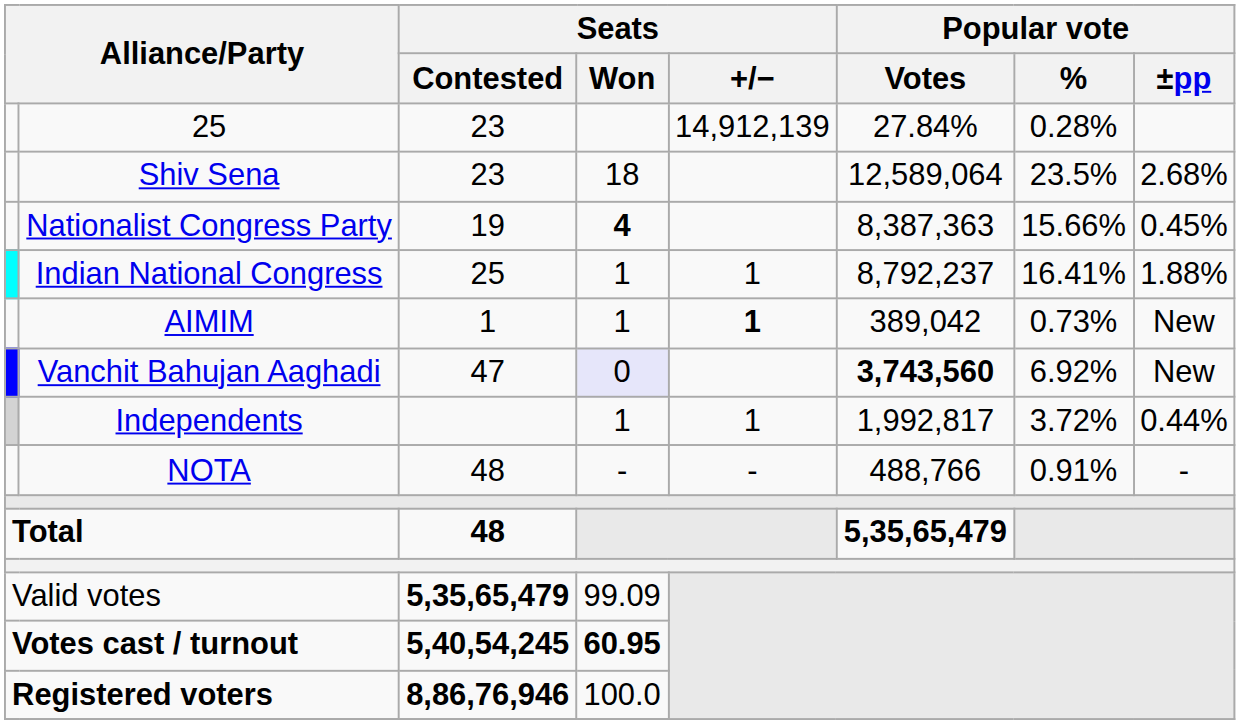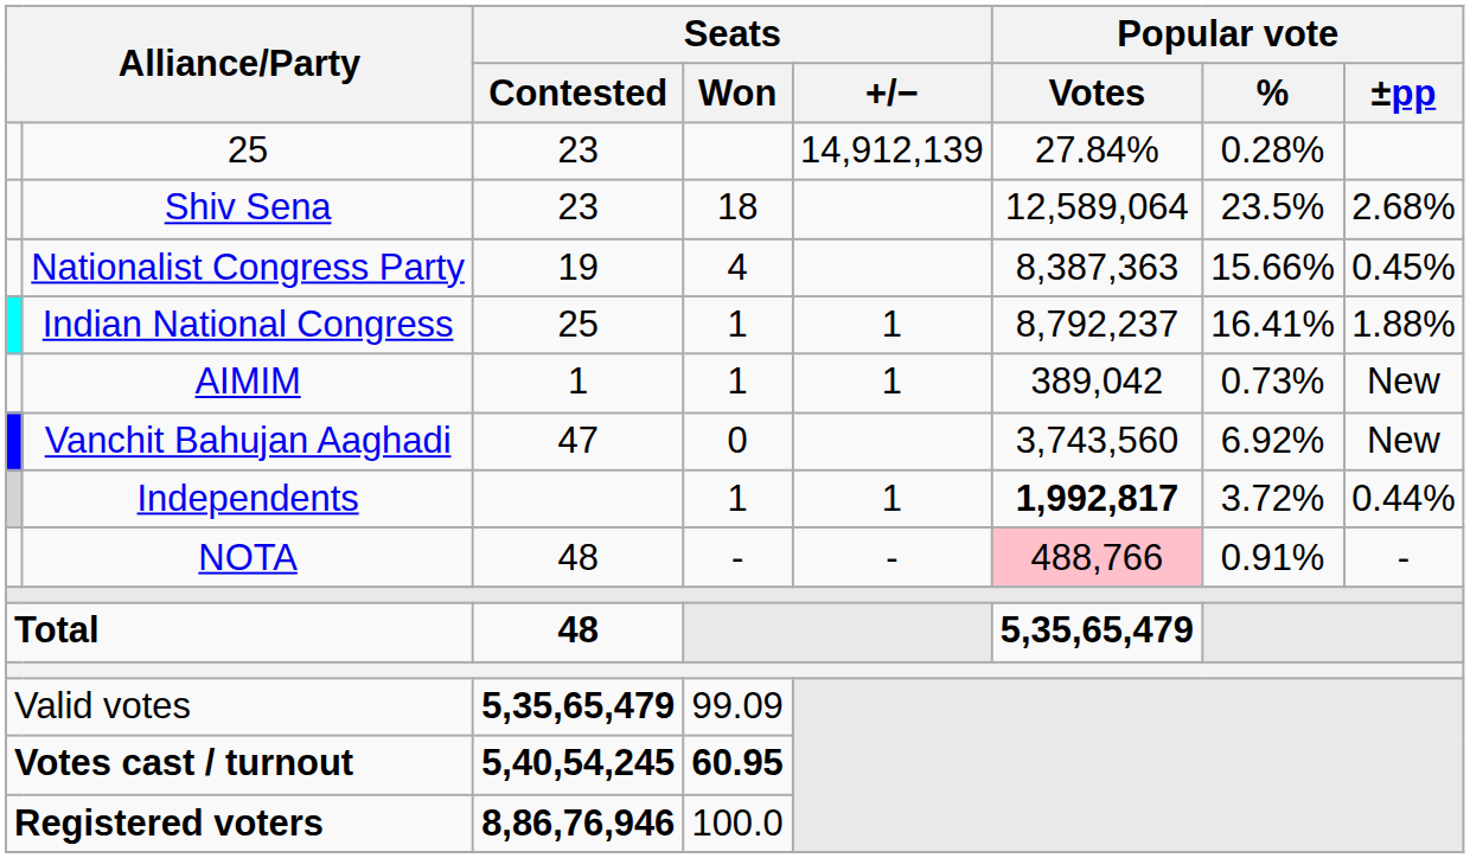 <table class="wikitable sortable" style="text-align:center;">
 <tr>
 <th colspan="2" rowspan="2">Alliance/Party</th>
 <th colspan="3">Seats</th>
 <th colspan="3">Popular vote</th>
 </tr>
 <tr>
 <th>Contested</th>
 <th>Won</th>
 <th><strong>+/−</strong></th>
 <th>Votes</th>
 <th>%</th>
 <th>±<a href='#'>pp</a></th>
 </tr>
 <tr>
 <td></td>
 <td>25</td>
 <td>23</td>
 <td></td>
 <td>14,912,139</td>
 <td>27.84%</td>
 <td>0.28%</td>
 </tr>
 <tr>
 <td style="background:"></td>
 <td><a href='#'>Shiv Sena</a></td>
 <td>23</td>
 <td>18</td>
 <td></td>
 <td>12,589,064</td>
 <td>23.5%</td>
 <td>2.68%</td>
 </tr>
 <tr>
 <td style="background:"></td>
 <td><a href='#'>Nationalist Congress Party</a></td>
 <td>19</td>
-<td><strong>4</strong></td>
+<td>4</td>
 <td></td>
 <td>8,387,363</td>
 <td>15.66%</td>
 <td>0.45%</td>
 </tr>
 <tr>
 <td bgcolor=cyan></td>
 <td><a href='#'>Indian National Congress</a></td>
 <td>25</td>
 <td>1</td>
 <td>1</td>
 <td>8,792,237</td>
 <td>16.41%</td>
 <td>1.88%</td>
 </tr>
 <tr>
 <td style="background:"></td>
 <td><a href='#'>AIMIM</a></td>
 <td>1</td>
 <td>1</td>
-<td><strong>1</strong></td>
+<td>1</td>
 <td>389,042</td>
 <td>0.73%</td>
 <td>New</td>
 </tr>
 <tr>
 <td Bgcolor=blue></td>
 <td><a href='#'>Vanchit Bahujan Aaghadi</a></td>
 <td>47</td>
-<td style="background: lavender;">0</td>
+<td>0</td>
 <td></td>
-<td><strong>3,743,560</strong></td>
+<td>3,743,560</td>
 <td>6.92%</td>
 <td>New</td>
 </tr>
 <tr>
 <td Bgcolor=lightgrey></td>
 <td><a href='#'>Independents</a></td>
 <td></td>
 <td>1</td>
 <td>1</td>
-<td>1,992,817</td>
+<td><strong>1,992,817</strong></td>
 <td>3.72%</td>
 <td>0.44%</td>
 </tr>
 <tr>
 <td></td>
 <td><a href='#'>NOTA</a></td>
 <td>48</td>
 <td>-</td>
 <td>-</td>
-<td>488,766</td>
+<td style="background: pink;">488,766</td>
 <td>0.91%</td>
 <td>-</td>
 </tr>
 <tr>
 <td colspan="8" bgcolor="#E9E9E9"></td>
 </tr>
 <tr style="font-weight:bold;">
 <td align="left" colspan="2">Total</td>
 <td>48</td>
 <td colspan="2" bgcolor="#E9E9E9"></td>
 <td>5,35,65,479</td>
 <td colspan="2" bgcolor="#E9E9E9"></td>
 </tr>
 <tr>
 <th colspan="8"></th>
 </tr>
 <tr>
 <td style="text-align:left;" colspan="2">Valid votes</td>
 <td><strong>5,35,65,479</strong></td>
 <td>99.09</td>
 <td colspan="4" rowspan="5" style="background-color:#E9E9E9"></td>
 </tr>
 <tr>
 <td style="text-align:left;" colspan="2"><strong>Votes cast / turnout</strong></td>
 <td><strong>5,40,54,245</strong></td>
 <td><strong>60.95</strong></td>
 </tr>
 <tr>
 <td style="text-align:left;" colspan="2"><strong>Registered voters</strong></td>
 <td><strong>8,86,76,946</strong></td>
 <td>100.0</td>
 </tr>
 <tr>
 </tr>
 </table>
